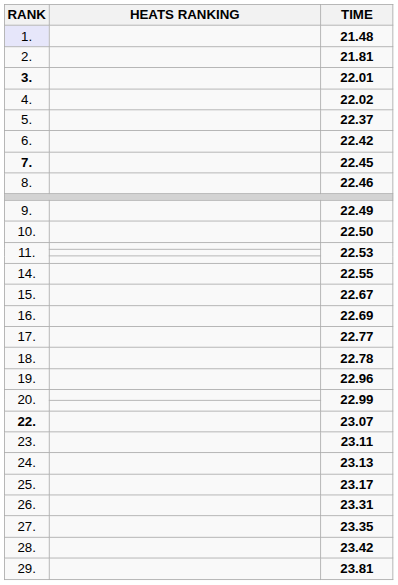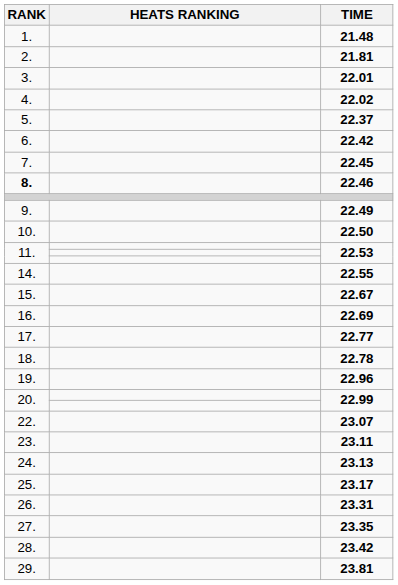 <table class="wikitable">
 <tr>
 <th>RANK</th>
 <th style="width: 20em">HEATS RANKING</th>
 <th style="width: 5em">TIME</th>
 </tr>
 <tr>
-<td align="center" style="background: lavender;">1.</td>
+<td align="center">1.</td>
 <td></td>
 <td align="center"><strong>21.48</strong></td>
 </tr>
 <tr>
 <td align="center">2.</td>
 <td></td>
 <td align="center"><strong>21.81</strong></td>
 </tr>
 <tr>
-<td align="center"><strong>3.</strong></td>
+<td align="center">3.</td>
 <td></td>
 <td align="center"><strong>22.01</strong></td>
 </tr>
 <tr>
 <td align="center">4.</td>
 <td></td>
 <td align="center"><strong>22.02 </strong></td>
 </tr>
 <tr>
 <td align="center">5.</td>
 <td></td>
 <td align="center"><strong>22.37 </strong></td>
 </tr>
 <tr>
 <td align="center">6.</td>
 <td></td>
 <td align="center"><strong>22.42 </strong></td>
 </tr>
 <tr>
-<td align="center"><strong>7.</strong></td>
+<td align="center">7.</td>
 <td></td>
 <td align="center"><strong>22.45 </strong></td>
 </tr>
 <tr>
-<td align="center">8.</td>
+<td align="center"><strong>8.</strong></td>
 <td></td>
 <td align="center"><strong>22.46 </strong></td>
 </tr>
 <tr>
 <td colspan=3 bgcolor=lightgray></td>
 </tr>
 <tr>
 <td align="center">9.</td>
 <td></td>
 <td align="center"><strong>22.49</strong></td>
 </tr>
 <tr>
 <td align="center">10.</td>
 <td></td>
 <td align="center"><strong>22.50 </strong></td>
 </tr>
 <tr>
 <td rowspan=3 align="center">11.</td>
 <td></td>
 <td rowspan=3 align="center"><strong>22.53</strong></td>
 </tr>
 <tr>
 <td></td>
 </tr>
 <tr>
 <td></td>
 </tr>
 <tr>
 <td align="center">14.</td>
 <td></td>
 <td align="center"><strong>22.55 </strong></td>
 </tr>
 <tr>
 <td align="center">15.</td>
 <td></td>
 <td align="center"><strong>22.67 </strong></td>
 </tr>
 <tr>
 <td align="center">16.</td>
 <td></td>
 <td align="center"><strong>22.69 </strong></td>
 </tr>
 <tr>
 <td align="center">17.</td>
 <td></td>
 <td align="center"><strong>22.77 </strong></td>
 </tr>
 <tr>
 <td align="center">18.</td>
 <td></td>
 <td align="center"><strong>22.78 </strong></td>
 </tr>
 <tr>
 <td align="center">19.</td>
 <td></td>
 <td align="center"><strong>22.96 </strong></td>
 </tr>
 <tr>
 <td rowspan=2 align="center">20.</td>
 <td></td>
 <td rowspan=2 align="center"><strong>22.99</strong></td>
 </tr>
 <tr>
 <td></td>
 </tr>
 <tr>
-<td align="center"><strong>22.</strong></td>
+<td align="center">22.</td>
 <td></td>
 <td align="center"><strong>23.07 </strong></td>
 </tr>
 <tr>
 <td align="center">23.</td>
 <td></td>
 <td align="center"><strong>23.11 </strong></td>
 </tr>
 <tr>
 <td align="center">24.</td>
 <td></td>
 <td align="center"><strong>23.13 </strong></td>
 </tr>
 <tr>
 <td align="center">25.</td>
 <td></td>
 <td align="center"><strong>23.17 </strong></td>
 </tr>
 <tr>
 <td align="center">26.</td>
 <td></td>
 <td align="center"><strong>23.31 </strong></td>
 </tr>
 <tr>
 <td align="center">27.</td>
 <td></td>
 <td align="center"><strong>23.35 </strong></td>
 </tr>
 <tr>
 <td align="center">28.</td>
 <td></td>
 <td align="center"><strong>23.42 </strong></td>
 </tr>
 <tr>
 <td align="center">29.</td>
 <td></td>
 <td align="center"><strong>23.81 </strong></td>
 </tr>
 </table>
